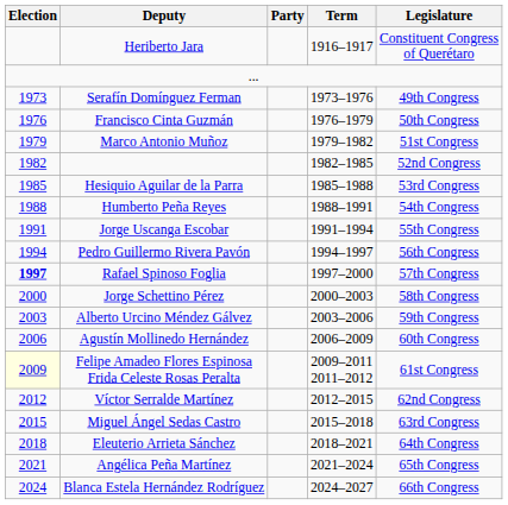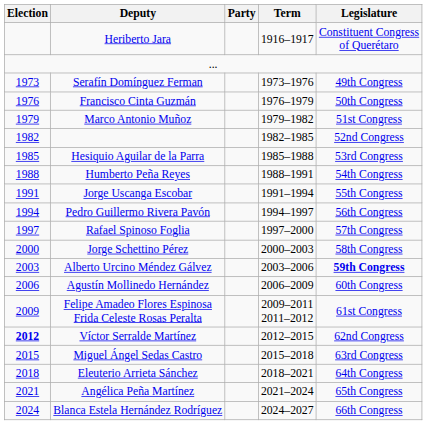 <table class="wikitable sortable" style="text-align: center">
 <tr>
 <th>Election</th>
 <th class="unsortable">Deputy</th>
 <th class="unsortable">Party</th>
 <th class="unsortable">Term</th>
 <th class="unsortable">Legislature</th>
 </tr>
 <tr>
 <td></td>
 <td><a href='#'>Heriberto Jara</a></td>
 <td></td>
 <td>1916–1917</td>
 <td><a href='#'>Constituent Congress<br>of Querétaro</a></td>
 </tr>
 <tr>
 <td colspan=5> ...</td>
 </tr>
 <tr>
 <td><a href='#'>1973</a></td>
 <td><a href='#'>Serafín Domínguez Ferman</a></td>
 <td></td>
 <td>1973–1976</td>
 <td><a href='#'>49th Congress</a></td>
 </tr>
 <tr>
 <td><a href='#'>1976</a></td>
 <td><a href='#'>Francisco Cinta Guzmán</a></td>
 <td></td>
 <td>1976–1979</td>
 <td><a href='#'>50th Congress</a></td>
 </tr>
 <tr>
 <td><a href='#'>1979</a></td>
 <td><a href='#'>Marco Antonio Muñoz</a></td>
 <td></td>
 <td>1979–1982</td>
 <td><a href='#'>51st Congress</a></td>
 </tr>
 <tr>
 <td><a href='#'>1982</a></td>
 <td></td>
 <td></td>
 <td>1982–1985</td>
 <td><a href='#'>52nd Congress</a></td>
 </tr>
 <tr>
 <td><a href='#'>1985</a></td>
 <td><a href='#'>Hesiquio Aguilar de la Parra</a></td>
 <td></td>
 <td>1985–1988</td>
 <td><a href='#'>53rd Congress</a></td>
 </tr>
 <tr>
 <td><a href='#'>1988</a></td>
 <td><a href='#'>Humberto Peña Reyes</a></td>
 <td></td>
 <td>1988–1991</td>
 <td><a href='#'>54th Congress</a></td>
 </tr>
 <tr>
 <td><a href='#'>1991</a></td>
 <td><a href='#'>Jorge Uscanga Escobar</a></td>
 <td></td>
 <td>1991–1994</td>
 <td><a href='#'>55th Congress</a></td>
 </tr>
 <tr>
 <td><a href='#'>1994</a></td>
 <td><a href='#'>Pedro Guillermo Rivera Pavón</a></td>
 <td></td>
 <td>1994–1997</td>
 <td><a href='#'>56th Congress</a></td>
 </tr>
 <tr>
-<td><strong><a href='#'>1997</a></strong></td>
+<td><a href='#'>1997</a></td>
 <td><a href='#'>Rafael Spinoso Foglia</a></td>
 <td></td>
 <td>1997–2000</td>
 <td><a href='#'>57th Congress</a></td>
 </tr>
 <tr>
 <td><a href='#'>2000</a></td>
 <td><a href='#'>Jorge Schettino Pérez</a></td>
 <td></td>
 <td>2000–2003</td>
 <td><a href='#'>58th Congress</a></td>
 </tr>
 <tr>
 <td><a href='#'>2003</a></td>
 <td><a href='#'>Alberto Urcino Méndez Gálvez</a></td>
 <td></td>
 <td>2003–2006</td>
-<td><a href='#'>59th Congress</a></td>
+<td><strong><a href='#'>59th Congress</a></strong></td>
 </tr>
 <tr>
 <td><a href='#'>2006</a></td>
 <td><a href='#'>Agustín Mollinedo Hernández</a></td>
 <td></td>
 <td>2006–2009</td>
 <td><a href='#'>60th Congress</a></td>
 </tr>
 <tr>
-<td style="background: lightyellow;"><a href='#'>2009</a></td>
+<td><a href='#'>2009</a></td>
 <td><a href='#'>Felipe Amadeo Flores Espinosa</a><br><a href='#'>Frida Celeste Rosas Peralta</a></td>
 <td></td>
 <td>2009–2011<br>2011–2012</td>
 <td><a href='#'>61st Congress</a></td>
 </tr>
 <tr>
-<td><a href='#'>2012</a></td>
+<td><strong><a href='#'>2012</a></strong></td>
 <td><a href='#'>Víctor Serralde Martínez</a></td>
 <td></td>
 <td>2012–2015</td>
 <td><a href='#'>62nd Congress</a></td>
 </tr>
 <tr>
 <td><a href='#'>2015</a></td>
 <td><a href='#'>Miguel Ángel Sedas Castro</a></td>
 <td></td>
 <td>2015–2018</td>
 <td><a href='#'>63rd Congress</a></td>
 </tr>
 <tr>
 <td><a href='#'>2018</a></td>
 <td><a href='#'>Eleuterio Arrieta Sánchez</a></td>
 <td></td>
 <td>2018–2021</td>
 <td><a href='#'>64th Congress</a></td>
 </tr>
 <tr>
 <td><a href='#'>2021</a></td>
 <td><a href='#'>Angélica Peña Martínez</a></td>
 <td></td>
 <td>2021–2024</td>
 <td><a href='#'>65th Congress</a></td>
 </tr>
 <tr>
 <td><a href='#'>2024</a></td>
 <td><a href='#'>Blanca Estela Hernández Rodríguez</a></td>
 <td></td>
 <td>2024–2027</td>
 <td><a href='#'>66th Congress</a></td>
 </tr>
 </table>
